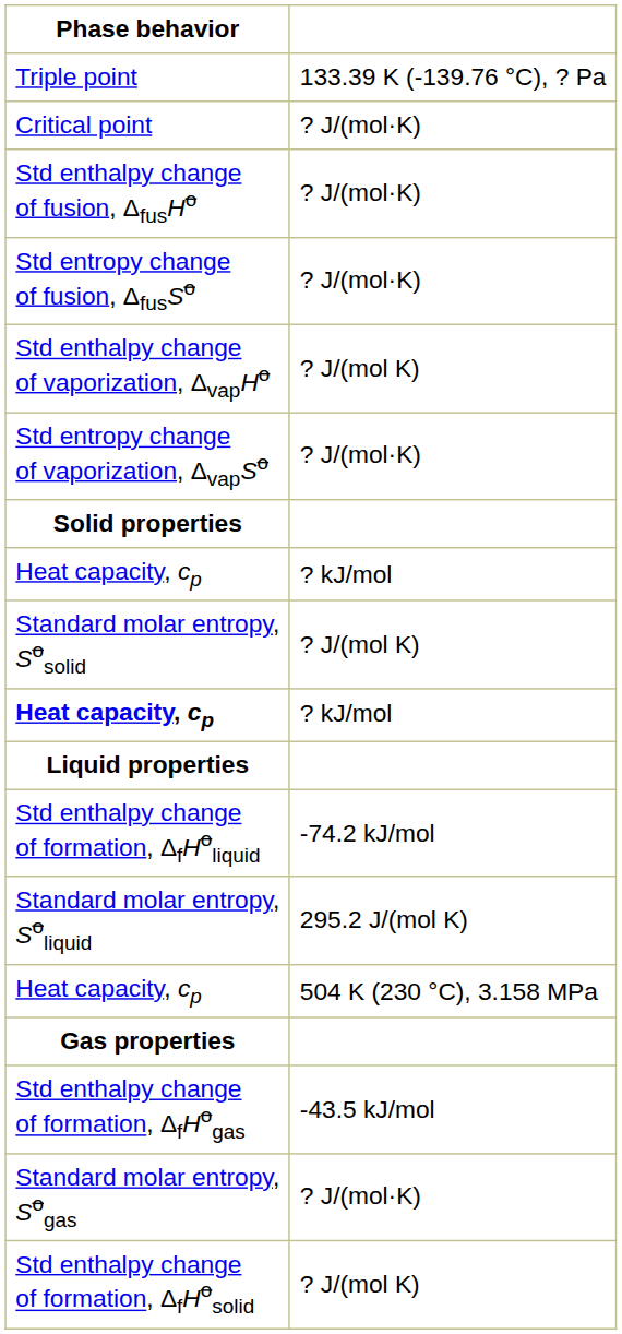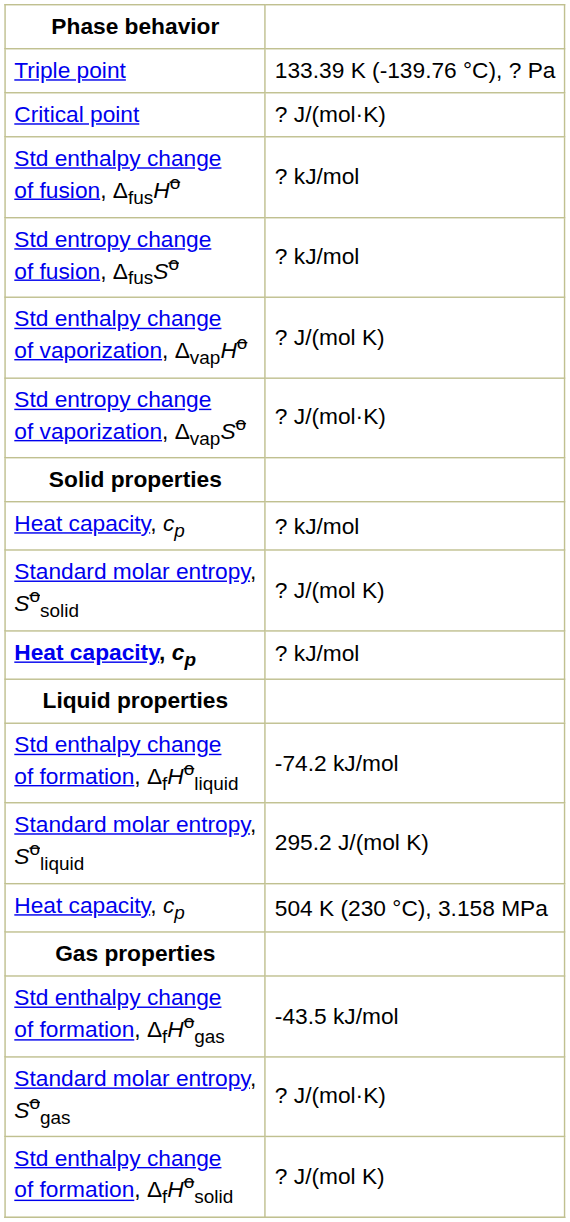 <table border="1" cellspacing="0" cellpadding="6" style="margin: 0 0 0 0.5em; background: #FFFFFF; border-collapse: collapse; border-color: #C0C090;">
 <tr>
 <th>Phase behavior</th>
 </tr>
 <tr>
 <td><a href='#'>Triple point</a></td>
 <td>133.39 K (-139.76 °C), ? Pa</td>
 </tr>
 <tr>
 <td><a href='#'>Critical point</a></td>
 <td>? J/(mol·K)</td>
 </tr>
 <tr>
 <td><a href='#'>Std enthalpy change<br>of fusion</a>, Δ<sub>fus</sub><em>H</em><sup><s>o</s></sup></td>
-<td>? J/(mol·K)</td>
+<td>? kJ/mol</td>
 </tr>
 <tr>
 <td><a href='#'>Std entropy change<br>of fusion</a>, Δ<sub>fus</sub><em>S</em><sup><s>o</s></sup></td>
-<td>? J/(mol·K)</td>
+<td>? kJ/mol</td>
 </tr>
 <tr>
 <td><a href='#'>Std enthalpy change<br>of vaporization</a>, Δ<sub>vap</sub><em>H</em><sup><s>o</s></sup></td>
 <td>? J/(mol K)</td>
 </tr>
 <tr>
 <td><a href='#'>Std entropy change<br>of vaporization</a>, Δ<sub>vap</sub><em>S</em><sup><s>o</s></sup></td>
 <td>? J/(mol·K)</td>
 </tr>
 <tr>
 <th>Solid properties</th>
 </tr>
 <tr>
 <td><a href='#'>Heat capacity</a>, <em>c<sub>p</sub></em></td>
 <td>? kJ/mol</td>
 </tr>
 <tr>
 <td><a href='#'>Standard molar entropy</a>,<br><em>S</em><sup><s>o</s></sup><sub>solid</sub></td>
 <td>? J/(mol K)</td>
 </tr>
 <tr>
 <td><strong><a href='#'>Heat capacity</a>, <em>c<sub>p</sub></em></strong></td>
 <td>? kJ/mol</td>
 </tr>
 <tr>
 <th>Liquid properties</th>
 </tr>
 <tr>
 <td><a href='#'>Std enthalpy change<br>of formation</a>, Δ<sub>f</sub><em>H</em><sup><s>o</s></sup><sub>liquid</sub></td>
 <td>-74.2 kJ/mol</td>
 </tr>
 <tr>
 <td><a href='#'>Standard molar entropy</a>,<br><em>S</em><sup><s>o</s></sup><sub>liquid</sub></td>
 <td>295.2 J/(mol K)</td>
 </tr>
 <tr>
 <td><a href='#'>Heat capacity</a>, <em>c<sub>p</sub></em></td>
 <td>504 K (230 °C), 3.158 MPa</td>
 </tr>
 <tr>
 <th>Gas properties</th>
 </tr>
 <tr>
 <td><a href='#'>Std enthalpy change<br>of formation</a>, Δ<sub>f</sub><em>H</em><sup><s>o</s></sup><sub>gas</sub></td>
 <td>-43.5 kJ/mol</td>
 </tr>
 <tr>
 <td><a href='#'>Standard molar entropy</a>,<br><em>S</em><sup><s>o</s></sup><sub>gas</sub></td>
 <td>? J/(mol·K)</td>
 </tr>
 <tr>
 <td><a href='#'>Std enthalpy change<br>of formation</a>, Δ<sub>f</sub><em>H</em><sup><s>o</s></sup><sub>solid</sub></td>
 <td>? J/(mol K)</td>
 </tr>
 <tr>
 </tr>
 </table>
